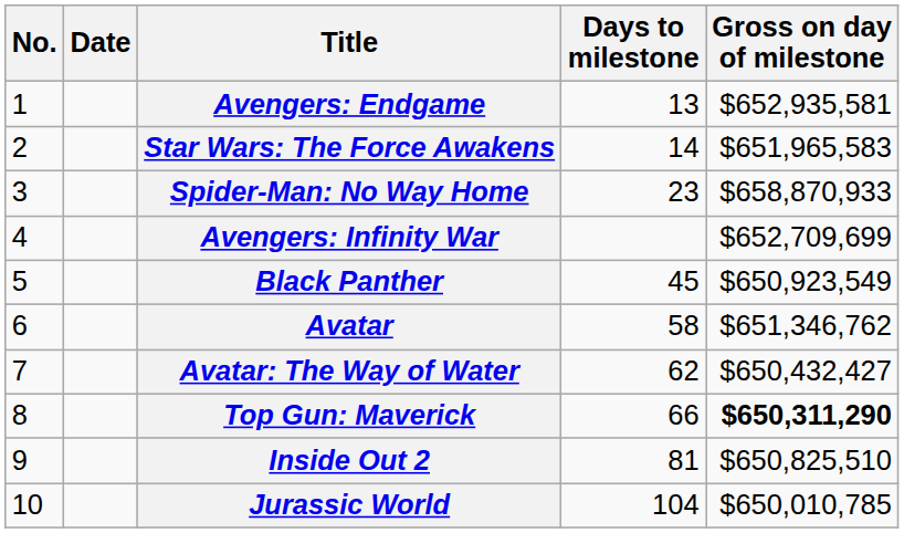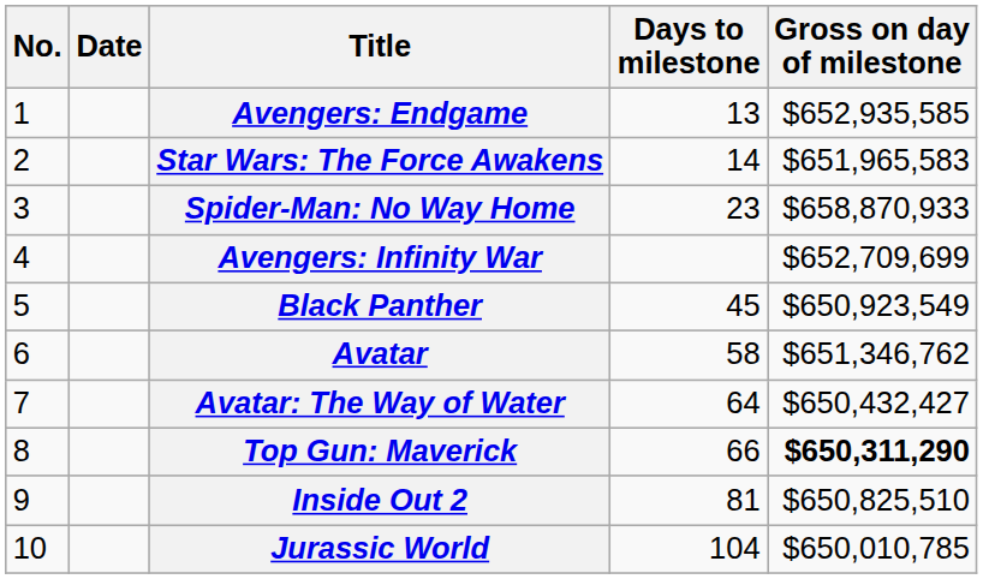 <table class="wikitable">
 <tr>
 <th scope="col">No.</th>
 <th scope="col">Date</th>
 <th scope="col">Title</th>
 <th scope="col">Days to <br>milestone</th>
 <th scope="col">Gross on day <br>of milestone</th>
 </tr>
 <tr>
 <td>1</td>
 <td></td>
 <th scope="row"><em><a href='#'>Avengers: Endgame</a></em></th>
 <td style="text-align:right;">13</td>
-<td style="text-align:right;">$652,935,581</td>
+<td style="text-align:right;">$652,935,585</td>
 </tr>
 <tr>
 <td>2</td>
 <td></td>
 <th scope="row"><em><a href='#'>Star Wars: The Force Awakens</a></em></th>
 <td style="text-align:right;">14</td>
 <td style="text-align:right;">$651,965,583</td>
 </tr>
 <tr>
 <td>3</td>
 <td></td>
 <th scope="row"><em><a href='#'>Spider-Man: No Way Home</a></em></th>
 <td style="text-align:right;">23</td>
 <td style="text-align:right;">$658,870,933</td>
 </tr>
 <tr>
 <td>4</td>
 <td></td>
 <th scope="row"><em><a href='#'>Avengers: Infinity War</a></em></th>
 <td style="text-align:right;"></td>
 <td style="text-align:right;">$652,709,699</td>
 </tr>
 <tr>
 <td>5</td>
 <td></td>
 <th scope="row"><em><a href='#'>Black Panther</a></em></th>
 <td style="text-align:right;">45</td>
 <td style="text-align:right;">$650,923,549</td>
 </tr>
 <tr>
 <td>6</td>
 <td></td>
 <th scope="row"><em><a href='#'>Avatar</a></em></th>
 <td style="text-align:right;">58</td>
 <td style="text-align:right;">$651,346,762</td>
 </tr>
 <tr>
 <td>7</td>
 <td></td>
 <th scope="row"><em><a href='#'>Avatar: The Way of Water</a></em></th>
-<td style="text-align:right;">62</td>
+<td style="text-align:right;">64</td>
 <td style="text-align:right;">$650,432,427</td>
 </tr>
 <tr>
 <td>8</td>
 <td></td>
 <th scope="row"><em><a href='#'>Top Gun: Maverick</a></em></th>
 <td style="text-align:right;">66</td>
 <td style="text-align:right;"><strong>$650,311,290</strong></td>
 </tr>
 <tr>
 <td>9</td>
 <td></td>
 <th scope="row"><em><a href='#'>Inside Out 2</a></em></th>
 <td style="text-align:right;">81</td>
 <td style="text-align:right;">$650,825,510</td>
 </tr>
 <tr>
 <td>10</td>
 <td></td>
 <th scope="row"><em><a href='#'>Jurassic World</a></em></th>
 <td style="text-align:right;">104</td>
 <td style="text-align:right;">$650,010,785</td>
 </tr>
 </table>
